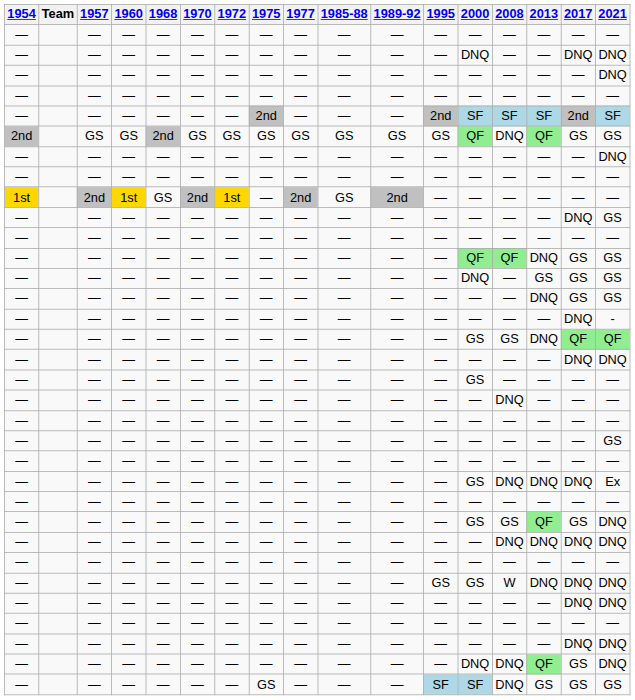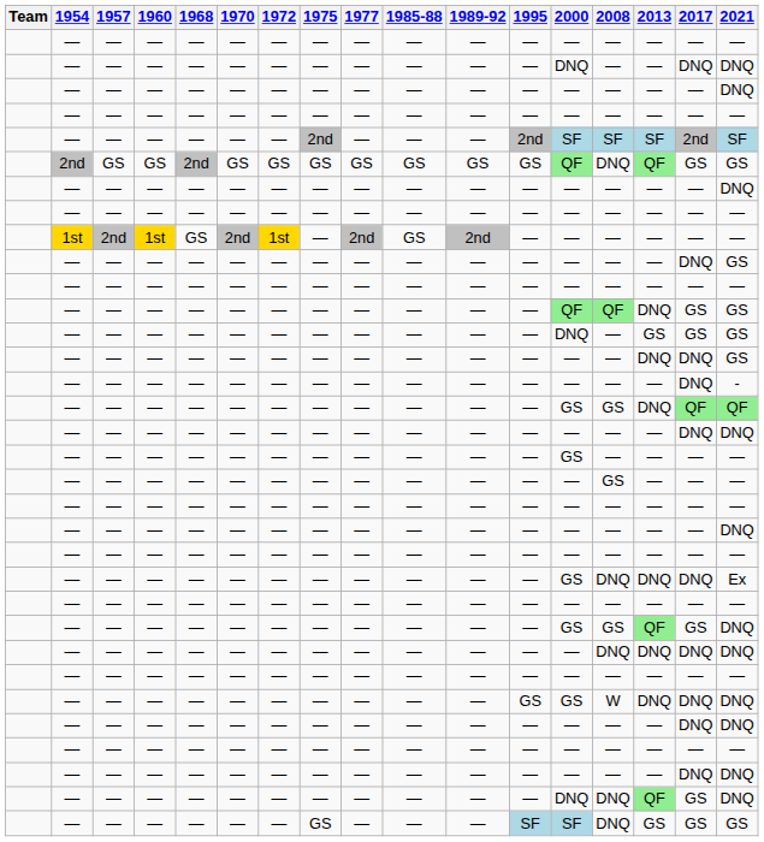 <table class="wikitable" style="text-align: center">
 <tr>
+<th>Team</th>
 <th><a href='#'>1954</a></th>
-<th>Team</th>
 <th><a href='#'>1957</a></th>
 <th><a href='#'>1960</a></th>
 <th><a href='#'>1968</a></th>
 <th><a href='#'>1970</a></th>
 <th><a href='#'>1972</a></th>
 <th><a href='#'>1975</a></th>
 <th><a href='#'>1977</a></th>
 <th><a href='#'>1985-88</a></th>
 <th><a href='#'>1989-92</a></th>
 <th><a href='#'>1995</a></th>
 <th><a href='#'>2000</a></th>
 <th><a href='#'>2008</a></th>
 <th><a href='#'>2013</a></th>
 <th><a href='#'>2017</a></th>
 <th><a href='#'>2021</a></th>
 </tr>
 <tr>
+<td align="left"></td>
 <td>—</td>
-<td align="left"></td>
 <td>—</td>
 <td>—</td>
 <td>—</td>
 <td>—</td>
 <td>—</td>
 <td>—</td>
 <td>—</td>
 <td>—</td>
 <td>—</td>
 <td>—</td>
 <td>—</td>
 <td>—</td>
 <td>—</td>
 <td>—</td>
 <td>—</td>
 </tr>
 <tr>
+<td align="left"></td>
 <td>—</td>
-<td align="left"></td>
 <td>—</td>
 <td>—</td>
 <td>—</td>
 <td>—</td>
 <td>—</td>
 <td>—</td>
 <td>—</td>
 <td>—</td>
 <td>—</td>
 <td>—</td>
 <td>DNQ</td>
 <td>—</td>
 <td>—</td>
 <td>DNQ</td>
 <td>DNQ</td>
 </tr>
 <tr>
+<td align="left"></td>
 <td>—</td>
-<td align="left"></td>
 <td>—</td>
 <td>—</td>
 <td>—</td>
 <td>—</td>
 <td>—</td>
 <td>—</td>
 <td>—</td>
 <td>—</td>
 <td>—</td>
 <td>—</td>
 <td>—</td>
 <td>—</td>
 <td>—</td>
 <td>—</td>
 <td>DNQ</td>
 </tr>
 <tr>
+<td align="left"></td>
 <td>—</td>
-<td align="left"></td>
 <td>—</td>
 <td>—</td>
 <td>—</td>
 <td>—</td>
 <td>—</td>
 <td>—</td>
 <td>—</td>
 <td>—</td>
 <td>—</td>
 <td>—</td>
 <td>—</td>
 <td>—</td>
 <td>—</td>
 <td>—</td>
 <td>—</td>
 </tr>
 <tr>
+<td align="left"></td>
 <td>—</td>
-<td align="left"></td>
 <td>—</td>
 <td>—</td>
 <td>—</td>
 <td>—</td>
 <td>—</td>
 <td style="background:silver">2nd</td>
 <td>—</td>
 <td>—</td>
 <td>—</td>
 <td style="background:silver">2nd</td>
 <td style="background:lightblue">SF</td>
 <td style="background:lightblue">SF</td>
 <td style="background:lightblue">SF</td>
 <td style="background:silver">2nd</td>
 <td style="background:lightblue">SF</td>
 </tr>
 <tr>
+<td align="left"></td>
 <td style="background:silver">2nd</td>
-<td align="left"></td>
 <td>GS</td>
 <td>GS</td>
 <td style="background:silver">2nd</td>
 <td>GS</td>
 <td>GS</td>
 <td>GS</td>
 <td>GS</td>
 <td>GS</td>
 <td>GS</td>
 <td>GS</td>
 <td style="background:lightgreen">QF</td>
 <td>DNQ</td>
 <td style="background:lightgreen">QF</td>
 <td>GS</td>
 <td>GS</td>
 </tr>
 <tr>
+<td align="left"></td>
 <td>—</td>
-<td align="left"></td>
 <td>—</td>
 <td>—</td>
 <td>—</td>
 <td>—</td>
 <td>—</td>
 <td>—</td>
 <td>—</td>
 <td>—</td>
 <td>—</td>
 <td>—</td>
 <td>—</td>
 <td>—</td>
 <td>—</td>
 <td>—</td>
 <td>DNQ</td>
 </tr>
 <tr>
+<td align="left"></td>
 <td>—</td>
-<td align="left"></td>
 <td>—</td>
 <td>—</td>
 <td>—</td>
 <td>—</td>
 <td>—</td>
 <td>—</td>
 <td>—</td>
 <td>—</td>
 <td>—</td>
 <td>—</td>
 <td>—</td>
 <td>—</td>
 <td>—</td>
 <td>—</td>
 <td>—</td>
 </tr>
 <tr>
+<td align="left"></td>
 <td style="background:gold">1st</td>
-<td align="left"></td>
 <td style="background:silver">2nd</td>
 <td style="background:gold">1st</td>
 <td>GS</td>
 <td style="background:silver">2nd</td>
 <td style="background:gold">1st</td>
 <td>—</td>
 <td style="background:silver">2nd</td>
 <td>GS</td>
 <td style="background:silver">2nd</td>
 <td>—</td>
 <td>—</td>
 <td>—</td>
 <td>—</td>
 <td>—</td>
 <td>—</td>
 </tr>
 <tr>
+<td align="left"></td>
 <td>—</td>
-<td align="left"></td>
 <td>—</td>
 <td>—</td>
 <td>—</td>
 <td>—</td>
 <td>—</td>
 <td>—</td>
 <td>—</td>
 <td>—</td>
 <td>—</td>
 <td>—</td>
 <td>—</td>
 <td>—</td>
 <td>—</td>
 <td>DNQ</td>
 <td>GS</td>
 </tr>
 <tr>
+<td align="left"></td>
 <td>—</td>
-<td align="left"></td>
 <td>—</td>
 <td>—</td>
 <td>—</td>
 <td>—</td>
 <td>—</td>
 <td>—</td>
 <td>—</td>
 <td>—</td>
 <td>—</td>
 <td>—</td>
 <td>—</td>
 <td>—</td>
 <td>—</td>
 <td>—</td>
 <td>—</td>
 </tr>
 <tr>
+<td align="left"></td>
 <td>—</td>
-<td align="left"></td>
 <td>—</td>
 <td>—</td>
 <td>—</td>
 <td>—</td>
 <td>—</td>
 <td>—</td>
 <td>—</td>
 <td>—</td>
 <td>—</td>
 <td>—</td>
 <td style="background:lightgreen">QF</td>
 <td style="background:lightgreen">QF</td>
 <td>DNQ</td>
 <td>GS</td>
 <td>GS</td>
 </tr>
 <tr>
+<td align="left"></td>
 <td>—</td>
-<td align="left"></td>
 <td>—</td>
 <td>—</td>
 <td>—</td>
 <td>—</td>
 <td>—</td>
 <td>—</td>
 <td>—</td>
 <td>—</td>
 <td>—</td>
 <td>—</td>
 <td>DNQ</td>
 <td>—</td>
 <td>GS</td>
 <td>GS</td>
 <td>GS</td>
 </tr>
 <tr>
-<td>—</td>
 <td align="left"></td>
 <td>—</td>
 <td>—</td>
 <td>—</td>
 <td>—</td>
 <td>—</td>
 <td>—</td>
 <td>—</td>
 <td>—</td>
 <td>—</td>
 <td>—</td>
 <td>—</td>
 <td>—</td>
+<td>—</td>
 <td>DNQ</td>
-<td>GS</td>
+<td>DNQ</td>
 <td>GS</td>
 </tr>
 <tr>
+<td align="left"></td>
 <td>—</td>
-<td align="left"></td>
 <td>—</td>
 <td>—</td>
 <td>—</td>
 <td>—</td>
 <td>—</td>
 <td>—</td>
 <td>—</td>
 <td>—</td>
 <td>—</td>
 <td>—</td>
 <td>—</td>
 <td>—</td>
 <td>—</td>
 <td>DNQ</td>
 <td>-</td>
 </tr>
 <tr>
+<td align="left"></td>
 <td>—</td>
-<td align="left"></td>
 <td>—</td>
 <td>—</td>
 <td>—</td>
 <td>—</td>
 <td>—</td>
 <td>—</td>
 <td>—</td>
 <td>—</td>
 <td>—</td>
 <td>—</td>
 <td>GS</td>
 <td>GS</td>
 <td>DNQ</td>
 <td style="background:lightgreen">QF</td>
 <td style="background:lightgreen">QF</td>
 </tr>
 <tr>
+<td align="left"></td>
 <td>—</td>
-<td align="left"></td>
 <td>—</td>
 <td>—</td>
 <td>—</td>
 <td>—</td>
 <td>—</td>
 <td>—</td>
 <td>—</td>
 <td>—</td>
 <td>—</td>
 <td>—</td>
 <td>—</td>
 <td>—</td>
 <td>—</td>
 <td>DNQ</td>
 <td>DNQ</td>
 </tr>
 <tr>
+<td align="left"></td>
 <td>—</td>
-<td align="left"></td>
 <td>—</td>
 <td>—</td>
 <td>—</td>
 <td>—</td>
 <td>—</td>
 <td>—</td>
 <td>—</td>
 <td>—</td>
 <td>—</td>
 <td>—</td>
 <td>GS</td>
 <td>—</td>
 <td>—</td>
 <td>—</td>
 <td>—</td>
 </tr>
 <tr>
-<td>—</td>
 <td align="left"></td>
 <td>—</td>
 <td>—</td>
 <td>—</td>
 <td>—</td>
 <td>—</td>
 <td>—</td>
 <td>—</td>
 <td>—</td>
 <td>—</td>
 <td>—</td>
 <td>—</td>
-<td>DNQ</td>
+<td>—</td>
+<td>GS</td>
 <td>—</td>
 <td>—</td>
 <td>—</td>
 </tr>
 <tr>
+<td align="left"></td>
 <td>—</td>
-<td align="left"></td>
 <td>—</td>
 <td>—</td>
 <td>—</td>
 <td>—</td>
 <td>—</td>
 <td>—</td>
 <td>—</td>
 <td>—</td>
 <td>—</td>
 <td>—</td>
 <td>—</td>
 <td>—</td>
 <td>—</td>
 <td>—</td>
 <td>—</td>
 </tr>
 <tr>
-<td>—</td>
 <td align="left"></td>
 <td>—</td>
 <td>—</td>
 <td>—</td>
 <td>—</td>
 <td>—</td>
 <td>—</td>
 <td>—</td>
 <td>—</td>
 <td>—</td>
 <td>—</td>
 <td>—</td>
 <td>—</td>
 <td>—</td>
 <td>—</td>
-<td>GS</td>
+<td>—</td>
+<td>DNQ</td>
 </tr>
 <tr>
+<td align="left"></td>
 <td>—</td>
-<td align="left"></td>
 <td>—</td>
 <td>—</td>
 <td>—</td>
 <td>—</td>
 <td>—</td>
 <td>—</td>
 <td>—</td>
 <td>—</td>
 <td>—</td>
 <td>—</td>
 <td>—</td>
 <td>—</td>
 <td>—</td>
 <td>—</td>
 <td>—</td>
 </tr>
 <tr>
+<td align="left"></td>
 <td>—</td>
-<td align="left"></td>
 <td>—</td>
 <td>—</td>
 <td>—</td>
 <td>—</td>
 <td>—</td>
 <td>—</td>
 <td>—</td>
 <td>—</td>
 <td>—</td>
 <td>—</td>
 <td>GS</td>
 <td>DNQ</td>
 <td>DNQ</td>
 <td>DNQ</td>
 <td>Ex</td>
 </tr>
 <tr>
+<td align="left"></td>
 <td>—</td>
-<td align="left"></td>
 <td>—</td>
 <td>—</td>
 <td>—</td>
 <td>—</td>
 <td>—</td>
 <td>—</td>
 <td>—</td>
 <td>—</td>
 <td>—</td>
 <td>—</td>
 <td>—</td>
 <td>—</td>
 <td>—</td>
 <td>—</td>
 <td>—</td>
 </tr>
 <tr>
+<td align="left"></td>
 <td>—</td>
-<td align="left"></td>
 <td>—</td>
 <td>—</td>
 <td>—</td>
 <td>—</td>
 <td>—</td>
 <td>—</td>
 <td>—</td>
 <td>—</td>
 <td>—</td>
 <td>—</td>
 <td>GS</td>
 <td>GS</td>
 <td style="background:lightgreen">QF</td>
 <td>GS</td>
 <td>DNQ</td>
 </tr>
 <tr>
+<td align="left"></td>
 <td>—</td>
-<td align="left"></td>
 <td>—</td>
 <td>—</td>
 <td>—</td>
 <td>—</td>
 <td>—</td>
 <td>—</td>
 <td>—</td>
 <td>—</td>
 <td>—</td>
 <td>—</td>
 <td>—</td>
 <td>DNQ</td>
 <td>DNQ</td>
 <td>DNQ</td>
 <td>DNQ</td>
 </tr>
 <tr>
+<td align="left"></td>
 <td>—</td>
-<td align="left"></td>
 <td>—</td>
 <td>—</td>
 <td>—</td>
 <td>—</td>
 <td>—</td>
 <td>—</td>
 <td>—</td>
 <td>—</td>
 <td>—</td>
 <td>—</td>
 <td>—</td>
 <td>—</td>
 <td>—</td>
 <td>—</td>
 <td>—</td>
 </tr>
 <tr>
+<td align="left"></td>
 <td>—</td>
-<td align="left"></td>
 <td>—</td>
 <td>—</td>
 <td>—</td>
 <td>—</td>
 <td>—</td>
 <td>—</td>
 <td>—</td>
 <td>—</td>
 <td>—</td>
 <td>GS</td>
 <td>GS</td>
 <td>W</td>
 <td>DNQ</td>
 <td>DNQ</td>
 <td>DNQ</td>
 </tr>
 <tr>
+<td align="left"></td>
 <td>—</td>
-<td align="left"></td>
 <td>—</td>
 <td>—</td>
 <td>—</td>
 <td>—</td>
 <td>—</td>
 <td>—</td>
 <td>—</td>
 <td>—</td>
 <td>—</td>
 <td>—</td>
 <td>—</td>
 <td>—</td>
 <td>—</td>
 <td>DNQ</td>
 <td>DNQ</td>
 </tr>
 <tr>
+<td align="left"></td>
 <td>—</td>
-<td align="left"></td>
 <td>—</td>
 <td>—</td>
 <td>—</td>
 <td>—</td>
 <td>—</td>
 <td>—</td>
 <td>—</td>
 <td>—</td>
 <td>—</td>
 <td>—</td>
 <td>—</td>
 <td>—</td>
 <td>—</td>
 <td>—</td>
 <td>—</td>
 </tr>
 <tr>
+<td align="left"></td>
 <td>—</td>
-<td align="left"></td>
 <td>—</td>
 <td>—</td>
 <td>—</td>
 <td>—</td>
 <td>—</td>
 <td>—</td>
 <td>—</td>
 <td>—</td>
 <td>—</td>
 <td>—</td>
 <td>—</td>
 <td>—</td>
 <td>—</td>
 <td>DNQ</td>
 <td>DNQ</td>
 </tr>
 <tr>
+<td align="left"></td>
 <td>—</td>
-<td align="left"></td>
 <td>—</td>
 <td>—</td>
 <td>—</td>
 <td>—</td>
 <td>—</td>
 <td>—</td>
 <td>—</td>
 <td>—</td>
 <td>—</td>
 <td>—</td>
 <td>DNQ</td>
 <td>DNQ</td>
 <td style="background:lightgreen">QF</td>
 <td>GS</td>
 <td>DNQ</td>
 </tr>
 <tr>
+<td align="left"></td>
 <td>—</td>
-<td align="left"></td>
 <td>—</td>
 <td>—</td>
 <td>—</td>
 <td>—</td>
 <td>—</td>
 <td>GS</td>
 <td>—</td>
 <td>—</td>
 <td>—</td>
 <td style="background:lightblue">SF</td>
 <td style="background:lightblue">SF</td>
 <td>DNQ</td>
 <td>GS</td>
 <td>GS</td>
 <td>GS</td>
 </tr>
 </table>
